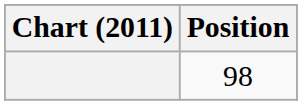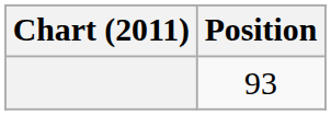 <table class="wikitable plainrowheaders" style="text-align:center">
 <tr>
 <th scope="col">Chart (2011)</th>
 <th scope="col">Position</th>
 </tr>
 <tr>
 <th scope="row"></th>
-<td>98</td>
+<td>93</td>
 </tr>
 </table>
